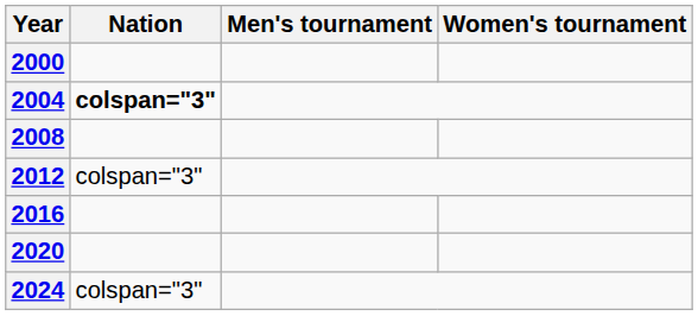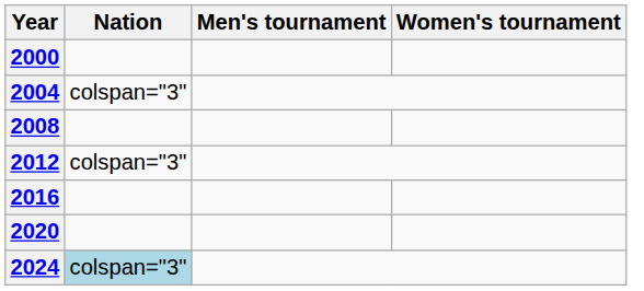 <table class="wikitable sortable sticky-header" style="font-size: 100%; margin-left: 1em;">
 <tr>
 <th>Year</th>
 <th>Nation</th>
 <th>Men's tournament</th>
 <th>Women's tournament</th>
 </tr>
 <tr>
 <th scope="row"><a href='#'>2000</a></th>
 <td></td>
 <td></td>
 <td></td>
 </tr>
 <tr>
 <th scope="row"><a href='#'>2004</a></th>
-<td><strong>colspan="3"</strong></td>
+<td>colspan="3"</td>
 </tr>
 <tr>
 <th scope="row"><a href='#'>2008</a></th>
 <td></td>
 <td></td>
 <td></td>
 </tr>
 <tr>
 <th scope="row"><a href='#'>2012</a></th>
 <td>colspan="3"</td>
 </tr>
 <tr>
 <th scope="row"><a href='#'>2016</a></th>
 <td></td>
 <td></td>
 <td></td>
 </tr>
 <tr>
 <th scope="row"><a href='#'>2020</a></th>
 <td></td>
 <td></td>
 <td></td>
 </tr>
 <tr>
 <th scope="row"><a href='#'>2024</a></th>
-<td>colspan="3"</td>
+<td style="background: lightblue;">colspan="3"</td>
 </tr>
 </table>
